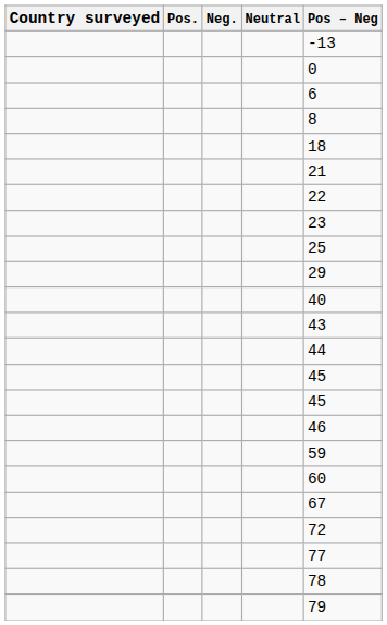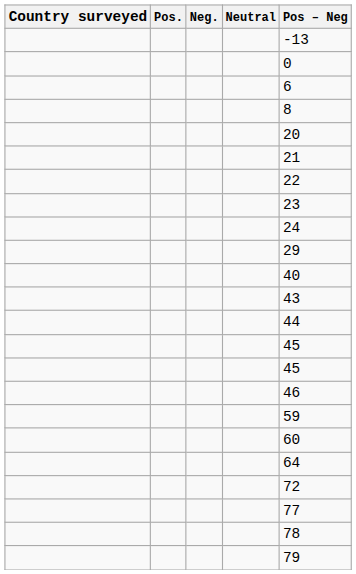 <table class="wikitable sortable floatright" style="border:1px black; float:right; margin-left:1em;">
 <tr>
 <th>Country surveyed</th>
 <th><small>Pos.</small></th>
 <th><small>Neg.</small></th>
 <th><small>Neutral</small></th>
 <th><small>Pos – Neg</small></th>
 </tr>
 <tr>
 <td></td>
 <td></td>
 <td></td>
 <td></td>
 <td><span>-13</span></td>
 </tr>
 <tr>
 <td></td>
 <td></td>
 <td></td>
 <td></td>
 <td><span>0</span></td>
 </tr>
 <tr>
 <td></td>
 <td></td>
 <td></td>
 <td></td>
 <td><span>6</span></td>
 </tr>
 <tr>
 <td></td>
 <td></td>
 <td></td>
 <td></td>
 <td><span>8</span></td>
 </tr>
 <tr>
 <td></td>
 <td></td>
 <td></td>
 <td></td>
-<td><span>18</span></td>
+<td><span>20</span></td>
 </tr>
 <tr>
 <td></td>
 <td></td>
 <td></td>
 <td></td>
 <td><span>21</span></td>
 </tr>
 <tr>
 <td></td>
 <td></td>
 <td></td>
 <td></td>
 <td><span>22</span></td>
 </tr>
 <tr>
 <td></td>
 <td></td>
 <td></td>
 <td></td>
 <td><span>23</span></td>
 </tr>
 <tr>
 <td></td>
 <td></td>
 <td></td>
 <td></td>
-<td><span>25</span></td>
+<td><span>24</span></td>
 </tr>
 <tr>
 <td></td>
 <td></td>
 <td></td>
 <td></td>
 <td><span>29</span></td>
 </tr>
 <tr>
 <td></td>
 <td></td>
 <td></td>
 <td></td>
 <td><span>40</span></td>
 </tr>
 <tr>
 <td></td>
 <td></td>
 <td></td>
 <td></td>
 <td><span>43</span></td>
 </tr>
 <tr>
 <td></td>
 <td></td>
 <td></td>
 <td></td>
 <td><span>44</span></td>
 </tr>
 <tr>
 <td></td>
 <td></td>
 <td></td>
 <td></td>
 <td><span>45</span></td>
 </tr>
 <tr>
 <td></td>
 <td></td>
 <td></td>
 <td></td>
 <td><span>45</span></td>
 </tr>
 <tr>
 <td></td>
 <td></td>
 <td></td>
 <td></td>
 <td><span>46</span></td>
 </tr>
 <tr>
 <td></td>
 <td></td>
 <td></td>
 <td></td>
 <td><span>59</span></td>
 </tr>
 <tr>
 <td></td>
 <td></td>
 <td></td>
 <td></td>
 <td><span>60</span></td>
 </tr>
 <tr>
 <td></td>
 <td></td>
 <td></td>
 <td></td>
-<td><span>67</span></td>
+<td><span>64</span></td>
 </tr>
 <tr>
 <td></td>
 <td></td>
 <td></td>
 <td></td>
 <td><span>72</span></td>
 </tr>
 <tr>
 <td></td>
 <td></td>
 <td></td>
 <td></td>
 <td><span>77</span></td>
 </tr>
 <tr>
 <td></td>
 <td></td>
 <td></td>
 <td></td>
 <td><span>78</span></td>
 </tr>
 <tr>
 <td></td>
 <td></td>
 <td></td>
 <td></td>
 <td><span>79</span></td>
 </tr>
 <tr>
 </tr>
 </table>
